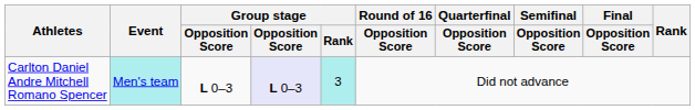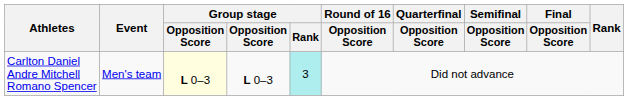 <table class="wikitable" style="font-size:90%">
 <tr>
 <th rowspan=2>Athletes</th>
 <th rowspan=2>Event</th>
 <th colspan=3>Group stage</th>
 <th>Round of 16</th>
 <th>Quarterfinal</th>
 <th>Semifinal</th>
 <th>Final</th>
 <th rowspan=2>Rank</th>
 </tr>
 <tr style="font-size:95%">
 <th>Opposition<br>Score</th>
 <th>Opposition<br>Score</th>
 <th>Rank</th>
 <th>Opposition<br>Score</th>
 <th>Opposition<br>Score</th>
 <th>Opposition<br>Score</th>
 <th>Opposition<br>Score</th>
 </tr>
 <tr align=center>
 <td align=left><a href='#'>Carlton Daniel</a><br><a href='#'>Andre Mitchell</a><br><a href='#'>Romano Spencer</a></td>
-<td align=left style="background: paleturquoise;"><a href='#'>Men's team</a></td>
+<td align=left><a href='#'>Men's team</a></td>
+<td style="background: lightyellow;"><br><strong>L</strong> 0–3</td>
 <td><br><strong>L</strong> 0–3</td>
-<td style="background: lavender;"><br><strong>L</strong> 0–3</td>
 <td style="background: paleturquoise;">3</td>
 <td colspan=5>Did not advance</td>
 </tr>
 </table>
